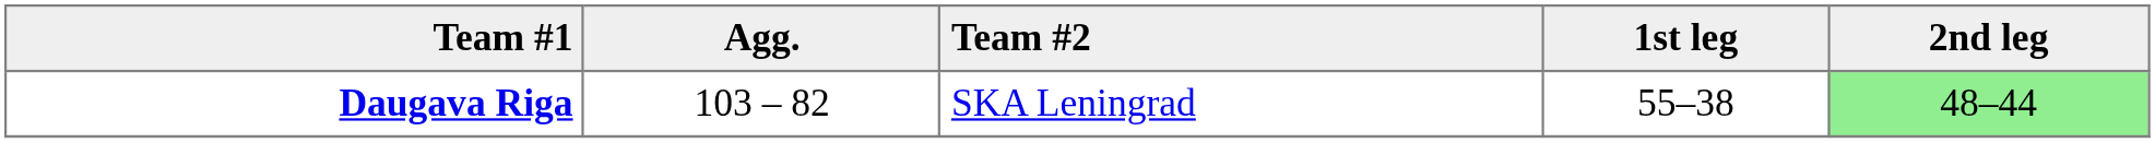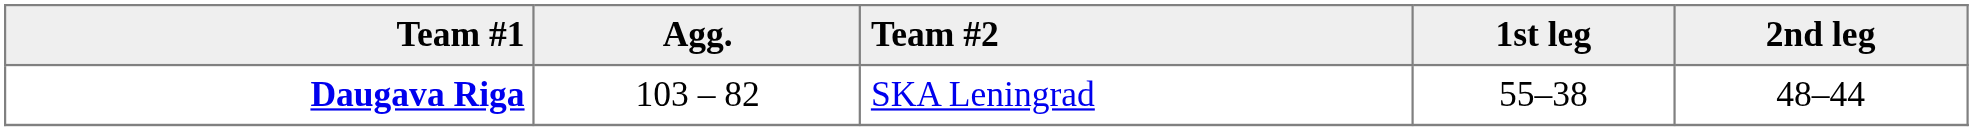 <table border=1 cellspacing=0 cellpadding=4 style="border-collapse: collapse;" width=70%>
 <tr bgcolor="efefef">
 <th align=right>Team #1</th>
 <th>Agg.</th>
 <th align=left>Team #2</th>
 <th>1st leg</th>
 <th>2nd leg</th>
 </tr>
 <tr>
 <td align=right><strong><a href='#'>Daugava Riga</a></strong> </td>
 <td align=center>103 – 82</td>
 <td> <a href='#'>SKA Leningrad</a></td>
 <td align=center>55–38</td>
-<td align=center style="background: lightgreen;">48–44</td>
+<td align=center>48–44</td>
 </tr>
 <tr>
 </tr>
 </table>
